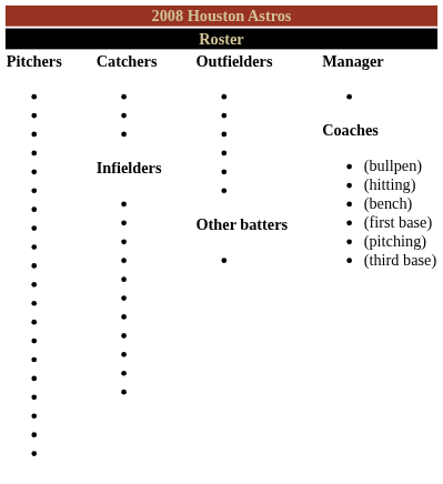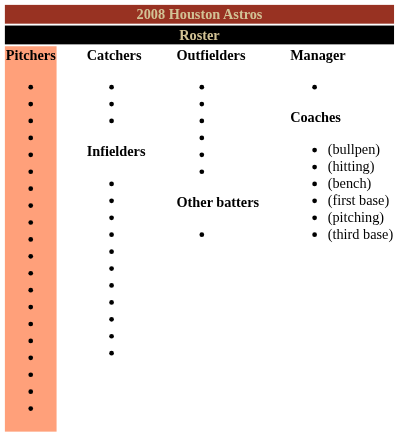 <table class="toccolours" style="font-size: 95%;">
 <tr>
 <th colspan="10" style="background:#983222; color:#d2c295; text-align:center;">2008 Houston Astros</th>
 </tr>
 <tr>
 <td colspan="10" style="background:#000; color:#d2c295; text-align:center;"><strong>Roster</strong></td>
 </tr>
 <tr>
-<td valign="top"><strong>Pitchers</strong><br><ul><li></li><li></li><li></li><li></li><li></li><li></li><li></li><li></li><li></li><li></li><li></li><li></li><li></li><li></li><li></li><li></li><li></li><li></li><li></li><li></li></ul></td>
+<td valign="top" style="background: lightsalmon;"><strong>Pitchers</strong><br><ul><li></li><li></li><li></li><li></li><li></li><li></li><li></li><li></li><li></li><li></li><li></li><li></li><li></li><li></li><li></li><li></li><li></li><li></li><li></li><li></li></ul></td>
 <td width="25px"></td>
 <td valign="top"><strong>Catchers</strong><br><ul><li></li><li></li><li></li></ul><strong>Infielders</strong><ul><li></li><li></li><li></li><li></li><li></li><li></li><li></li><li></li><li></li><li></li><li></li></ul></td>
 <td width="25px"></td>
 <td valign="top"><strong>Outfielders</strong><br><ul><li></li><li></li><li></li><li></li><li></li><li></li></ul><strong>Other batters</strong><ul><li></li></ul></td>
 <td width="25px"></td>
 <td valign="top"><strong>Manager</strong><br><ul><li></li></ul><strong>Coaches</strong><ul><li>(bullpen)</li><li> (hitting)</li><li> (bench)</li><li> (first base)</li><li> (pitching)</li><li> (third base)</li></ul></td>
 </tr>
 </table>
